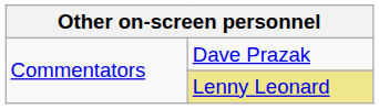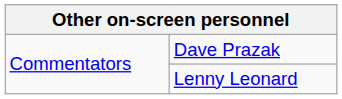 <table align="right" class="wikitable" style="border:1px; font-size:90%; margin-left:1em;">
 <tr>
 <th colspan="2" width="250"><strong>Other on-screen personnel</strong></th>
 </tr>
 <tr>
 <td rowspan=2><a href='#'>Commentators</a></td>
 <td><a href='#'>Dave Prazak</a></td>
 </tr>
 <tr>
-<td style="background: khaki;"><a href='#'>Lenny Leonard</a></td>
+<td><a href='#'>Lenny Leonard</a></td>
 </tr>
 </table>
